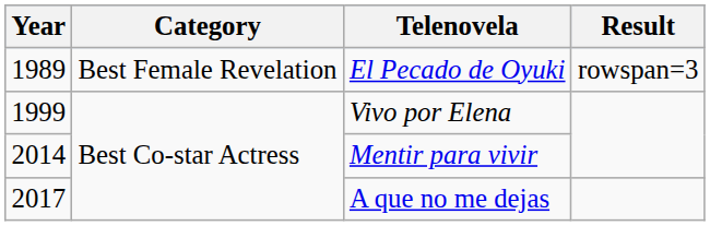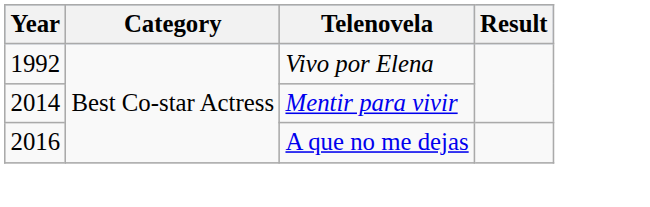 <table class="wikitable">
 <tr style="background:#b0c4de;">
 <th>Year</th>
 <th>Category</th>
 <th>Telenovela</th>
 <th>Result</th>
 </tr>
 <tr>
-<td>1989</td>
-<td>Best Female Revelation</td>
-<td><em><a href='#'>El Pecado de Oyuki</a></em></td>
-<td>rowspan=3 </td>
-</tr>
-<tr>
-<td>1999</td>
+<td>1992</td>
 <td rowspan="4">Best Co-star Actress</td>
 <td><em>Vivo por Elena</em></td>
 </tr>
 <tr>
 <td>2014</td>
 <td><em><a href='#'>Mentir para vivir</a></em></td>
 </tr>
 <tr>
-<td>2017</td>
+<td>2016</td>
 <td><a href='#'>A que no me dejas</a></td>
 <td></td>
 </tr>
 </table>
